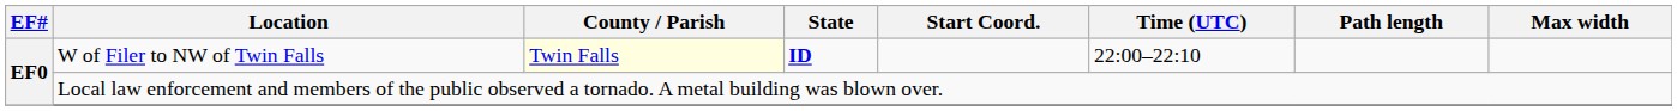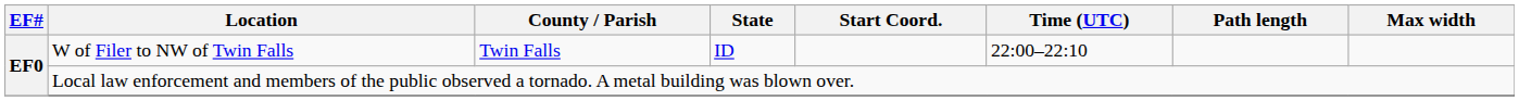 <table class="wikitable sortable" style="width:100%;">
 <tr>
 <th scope="col" width="2%" align="center"><a href='#'>EF#</a></th>
 <th scope="col" align="center" class="unsortable">Location</th>
 <th scope="col" align="center" class="unsortable">County / Parish</th>
 <th scope="col" align="center">State</th>
 <th scope="col" align="center">Start Coord.</th>
 <th scope="col" align="center">Time (<a href='#'>UTC</a>)</th>
 <th scope="col" align="center">Path length</th>
 <th scope="col" align="center">Max width</th>
 </tr>
 <tr>
 <th scope="row" rowspan="2" style="background-color:#">EF0</th>
 <td>W of <a href='#'>Filer</a> to NW of <a href='#'>Twin Falls</a></td>
-<td style="background: lightyellow;"><a href='#'>Twin Falls</a></td>
-<td><strong><a href='#'>ID</a></strong></td>
+<td><a href='#'>Twin Falls</a></td>
+<td><a href='#'>ID</a></td>
 <td></td>
 <td>22:00–22:10</td>
 <td></td>
 <td></td>
 </tr>
 <tr class="expand-child">
 <td colspan="8" style=" border-bottom: 1px solid black;">Local law enforcement and members of the public observed a tornado. A metal building was blown over.</td>
 </tr>
 <tr>
 </tr>
 </table>
